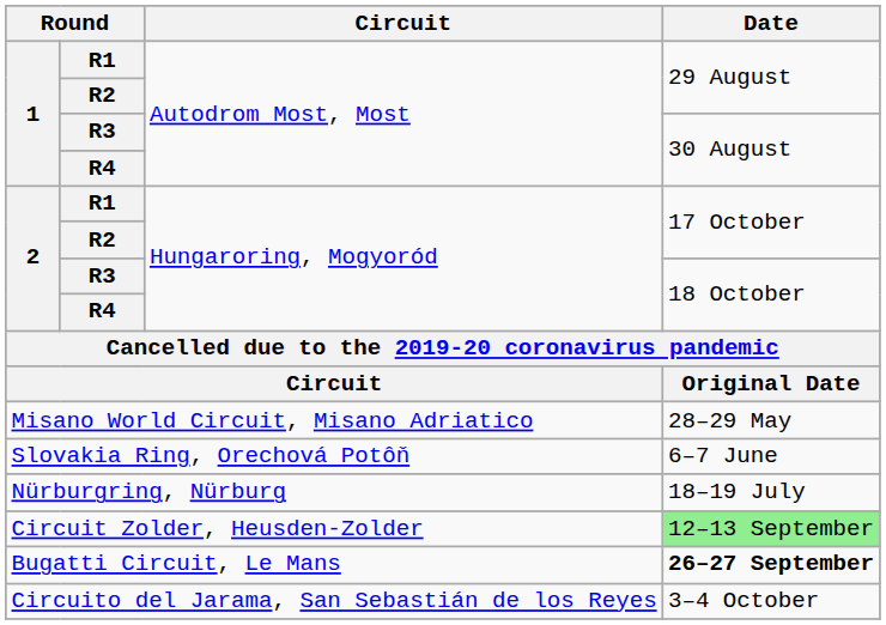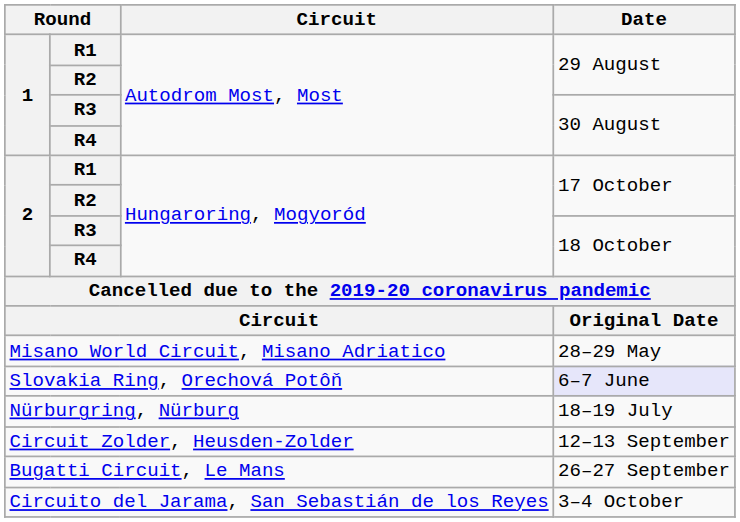 <table class="wikitable" style="font-size: 85%">
 <tr>
 <th colspan=2>Round</th>
 <th>Circuit</th>
 <th>Date</th>
 </tr>
 <tr>
 <th rowspan=4>1</th>
 <th>R1</th>
 <td rowspan=4> <a href='#'>Autodrom Most</a>, <a href='#'>Most</a></td>
 <td rowspan=2>29 August</td>
 </tr>
 <tr>
 <th>R2</th>
 </tr>
 <tr>
 <th>R3</th>
 <td rowspan=2>30 August</td>
 </tr>
 <tr>
 <th>R4</th>
 </tr>
 <tr>
 <th rowspan=4>2</th>
 <th>R1</th>
 <td rowspan=4> <a href='#'>Hungaroring</a>, <a href='#'>Mogyoród</a></td>
 <td rowspan=2>17 October</td>
 </tr>
 <tr>
 <th>R2</th>
 </tr>
 <tr>
 <th>R3</th>
 <td rowspan=2>18 October</td>
 </tr>
 <tr>
 <th>R4</th>
 </tr>
 <tr>
 <th colspan=8>Cancelled due to the <a href='#'>2019-20 coronavirus pandemic</a></th>
 </tr>
 <tr>
 <th colspan=3>Circuit</th>
 <th>Original Date</th>
 </tr>
 <tr>
 <td colspan=3> <a href='#'>Misano World Circuit</a>, <a href='#'>Misano Adriatico</a></td>
 <td>28–29 May</td>
 </tr>
 <tr>
 <td colspan=3> <a href='#'>Slovakia Ring</a>, <a href='#'>Orechová Potôň</a></td>
-<td>6–7 June</td>
+<td style="background: lavender;">6–7 June</td>
 </tr>
 <tr>
 <td colspan=3> <a href='#'>Nürburgring</a>, <a href='#'>Nürburg</a></td>
 <td>18–19 July</td>
 </tr>
 <tr>
 <td colspan=3> <a href='#'>Circuit Zolder</a>, <a href='#'>Heusden-Zolder</a></td>
-<td style="background: lightgreen;">12–13 September</td>
+<td>12–13 September</td>
 </tr>
 <tr>
 <td colspan=3> <a href='#'>Bugatti Circuit</a>, <a href='#'>Le Mans</a></td>
-<td><strong>26–27 September</strong></td>
+<td>26–27 September</td>
 </tr>
 <tr>
 <td colspan=3> <a href='#'>Circuito del Jarama</a>, <a href='#'>San Sebastián de los Reyes</a></td>
 <td>3–4 October</td>
 </tr>
 </table>
